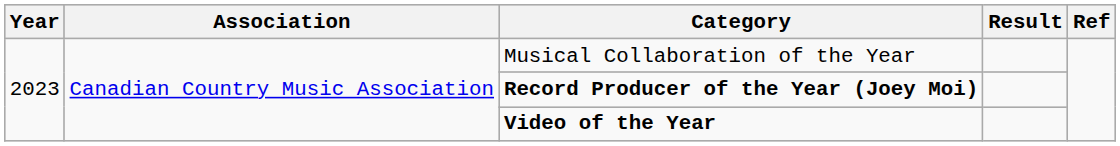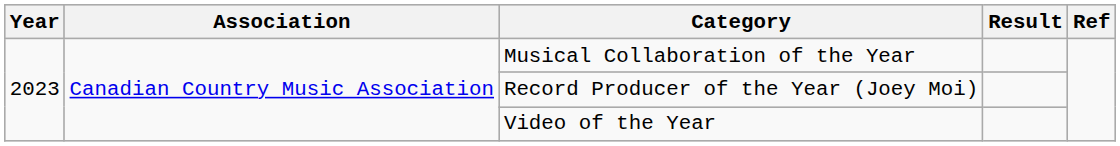 <table class="wikitable">
 <tr>
 <th>Year</th>
 <th>Association</th>
 <th>Category</th>
 <th>Result</th>
 <th>Ref</th>
 </tr>
 <tr>
 <td rowspan="3">2023</td>
 <td rowspan="3"><a href='#'>Canadian Country Music Association</a></td>
 <td>Musical Collaboration of the Year</td>
 <td></td>
 <td rowspan="3"><br></td>
 </tr>
 <tr>
-<td><strong>Record Producer of the Year (Joey Moi)</strong></td>
+<td>Record Producer of the Year (Joey Moi)</td>
 <td></td>
 </tr>
 <tr>
-<td><strong>Video of the Year</strong></td>
+<td>Video of the Year</td>
 <td></td>
 </tr>
 </table>
